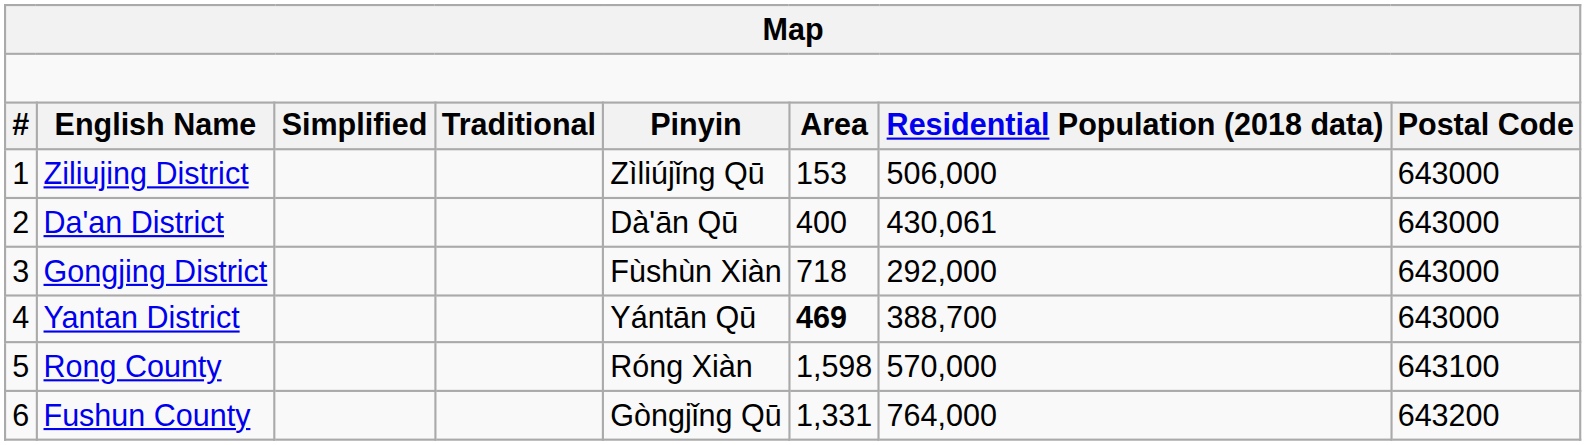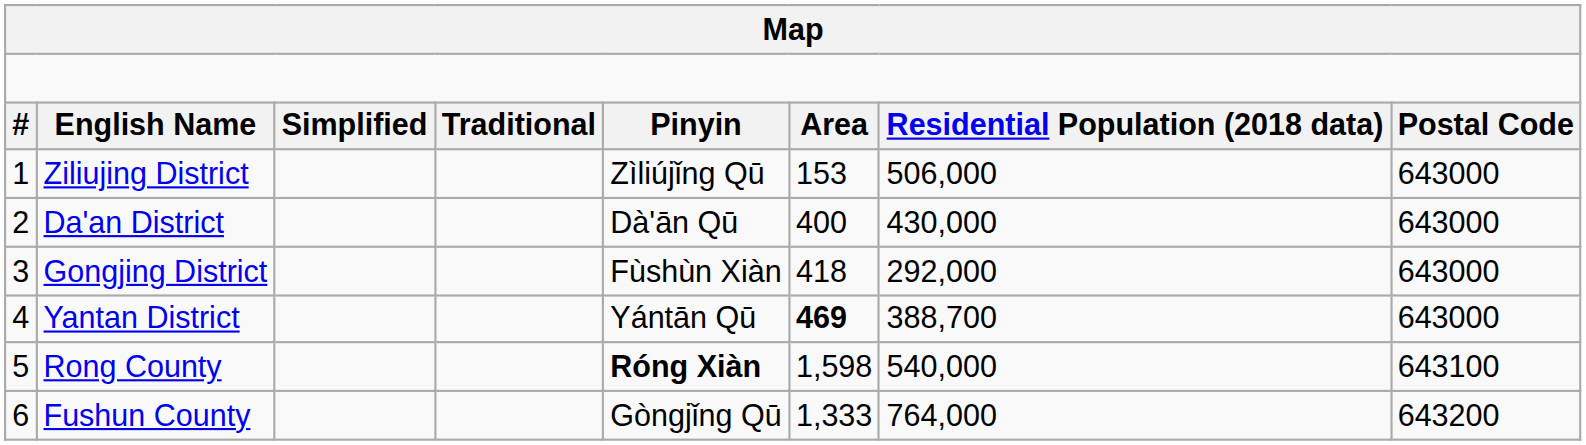 <table class="wikitable"  style="font-size:90%;" align=center>
 <tr>
 <th colspan="8" align="center">Map</th>
 </tr>
 <tr>
 <td colspan="8" align="center"><div><br>        </div></td>
 </tr>
 <tr>
 <th>#</th>
 <th>English Name</th>
 <th>Simplified</th>
 <th>Traditional</th>
 <th>Pinyin</th>
 <th>Area</th>
 <th><a href='#'>Residential</a> Population (2018 data) </th>
 <th>Postal Code</th>
 </tr>
 <tr --------->
 <td>1</td>
 <td><a href='#'>Ziliujing District</a></td>
 <td></td>
 <td></td>
 <td>Zìliújǐng Qū</td>
 <td>153</td>
 <td>506,000</td>
 <td>643000</td>
 </tr>
 <tr --------->
 <td>2</td>
 <td><a href='#'>Da'an District</a></td>
 <td></td>
 <td></td>
 <td>Dà'ān Qū</td>
 <td>400</td>
-<td>430,061</td>
+<td>430,000</td>
 <td>643000</td>
 </tr>
 <tr --------->
 <td>3</td>
 <td><a href='#'>Gongjing District</a></td>
 <td></td>
 <td></td>
 <td>Fùshùn Xiàn</td>
-<td>718</td>
+<td>418</td>
 <td>292,000</td>
 <td>643000</td>
 </tr>
 <tr --------->
 <td>4</td>
 <td><a href='#'>Yantan District</a></td>
 <td></td>
 <td></td>
 <td>Yántān Qū</td>
 <td><strong>469</strong></td>
 <td>388,700</td>
 <td>643000</td>
 </tr>
 <tr --------->
 <td>5</td>
 <td><a href='#'>Rong County</a></td>
 <td></td>
 <td></td>
-<td>Róng Xiàn</td>
+<td><strong>Róng Xiàn</strong></td>
 <td>1,598</td>
-<td>570,000</td>
+<td>540,000</td>
 <td>643100</td>
 </tr>
 <tr --------->
 <td>6</td>
 <td><a href='#'>Fushun County</a></td>
 <td></td>
 <td></td>
 <td>Gòngjǐng Qū</td>
-<td>1,331</td>
+<td>1,333</td>
 <td>764,000</td>
 <td>643200</td>
 </tr>
 </table>
